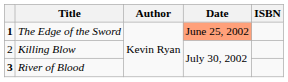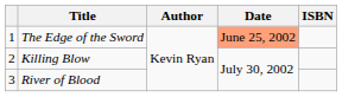 <table class="wikitable">
 <tr>
 <th></th>
 <th>Title</th>
 <th>Author</th>
 <th>Date</th>
 <th>ISBN</th>
 </tr>
 <tr>
-<td><strong>1</strong></td>
+<td>1</td>
 <td><em>The Edge of the Sword</em></td>
 <td rowspan="3">Kevin Ryan</td>
 <td style="background: lightsalmon;">June 25, 2002</td>
 <td></td>
 </tr>
 <tr>
 <td>2</td>
 <td><em>Killing Blow</em></td>
 <td rowspan="2">July 30, 2002</td>
 <td></td>
 </tr>
 <tr>
-<td><strong>3</strong></td>
+<td>3</td>
 <td><em>River of Blood</em></td>
 <td></td>
 </tr>
 </table>
